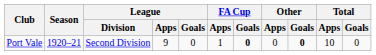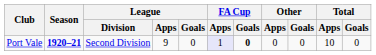 <table class="wikitable" style="text-align:center">
 <tr>
 <th rowspan="2">Club</th>
 <th rowspan="2">Season</th>
 <th colspan="3">League</th>
 <th colspan="2"><a href='#'>FA Cup</a></th>
 <th colspan="2">Other</th>
 <th colspan="2">Total</th>
 </tr>
 <tr>
 <th>Division</th>
 <th>Apps</th>
 <th>Goals</th>
 <th>Apps</th>
 <th>Goals</th>
 <th>Apps</th>
 <th>Goals</th>
 <th>Apps</th>
 <th>Goals</th>
 </tr>
 <tr>
 <td><a href='#'>Port Vale</a></td>
-<td><a href='#'>1920–21</a></td>
+<td><strong><a href='#'>1920–21</a></strong></td>
 <td><a href='#'>Second Division</a></td>
 <td>9</td>
 <td>0</td>
-<td>1</td>
+<td style="background: lavender;">1</td>
 <td><strong>0</strong></td>
 <td>0</td>
-<td><strong>0</strong></td>
+<td>0</td>
 <td>10</td>
 <td>0</td>
 </tr>
 </table>
